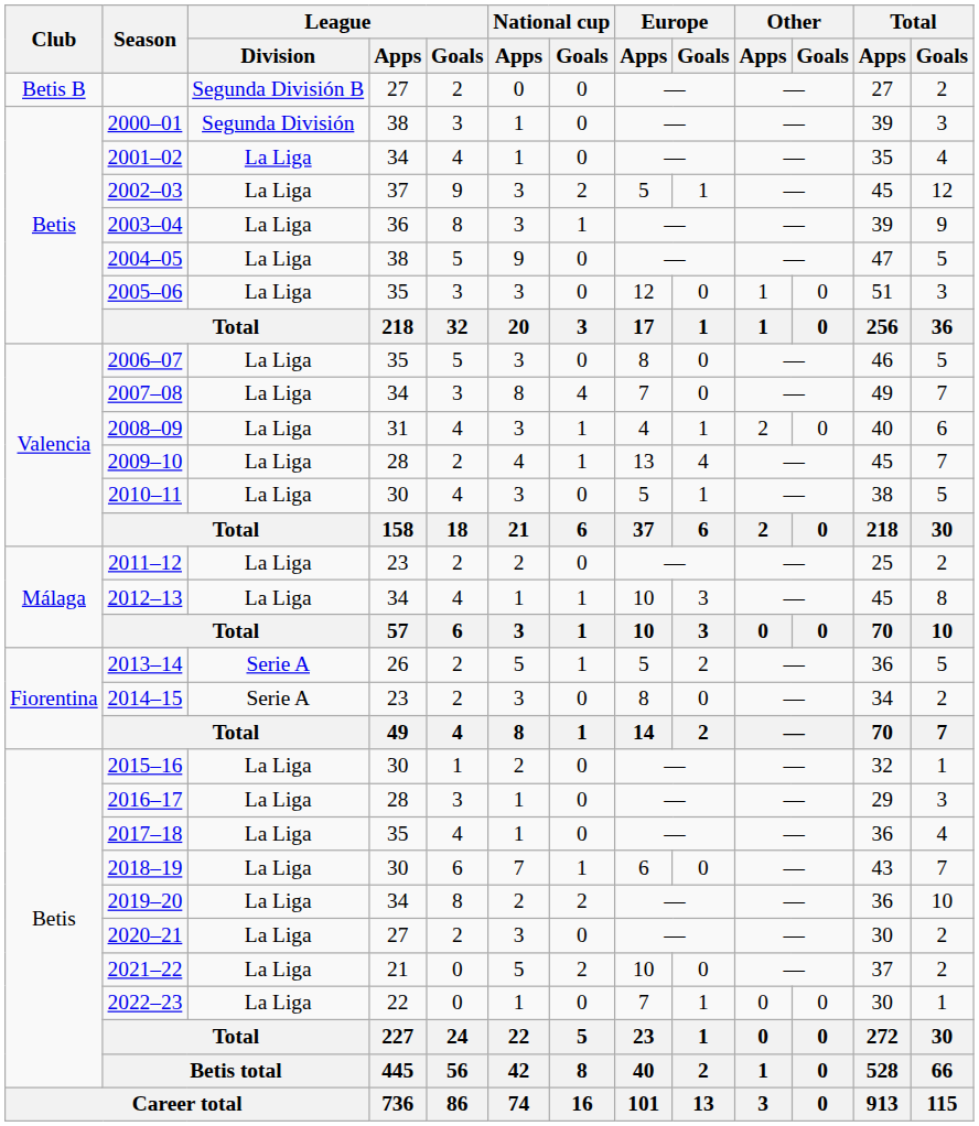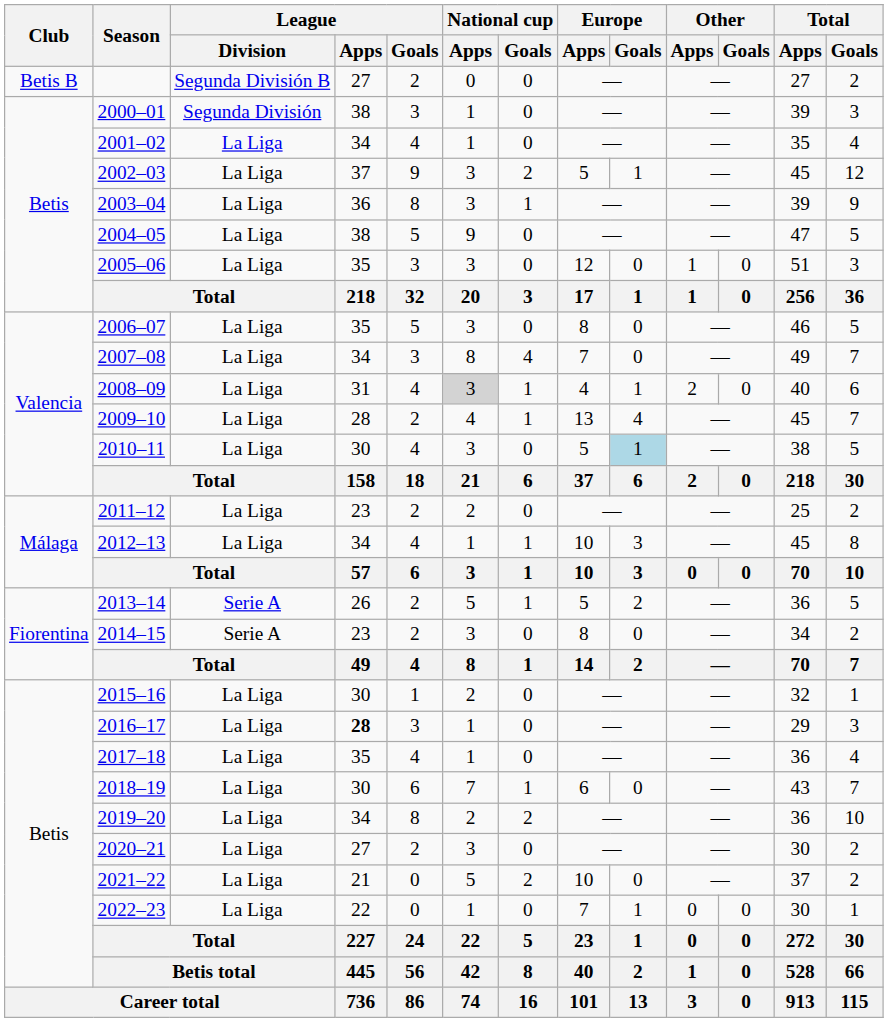 <table class="wikitable" style="text-align:center">
 <tr>
 <th rowspan="2">Club</th>
 <th rowspan="2">Season</th>
 <th colspan="3">League</th>
 <th colspan="2">National cup</th>
 <th colspan="2">Europe</th>
 <th colspan="2">Other</th>
 <th colspan="2">Total</th>
 </tr>
 <tr>
 <th>Division</th>
 <th>Apps</th>
 <th>Goals</th>
 <th>Apps</th>
 <th>Goals</th>
 <th>Apps</th>
 <th>Goals</th>
 <th>Apps</th>
 <th>Goals</th>
 <th>Apps</th>
 <th>Goals</th>
 </tr>
 <tr>
 <td><a href='#'>Betis B</a></td>
 <td></td>
 <td><a href='#'>Segunda División B</a></td>
 <td>27</td>
 <td>2</td>
 <td>0</td>
 <td>0</td>
 <td colspan="2">—</td>
 <td colspan="2">—</td>
 <td>27</td>
 <td>2</td>
 </tr>
 <tr>
 <td rowspan="7"><a href='#'>Betis</a></td>
 <td><a href='#'>2000–01</a></td>
 <td><a href='#'>Segunda División</a></td>
 <td>38</td>
 <td>3</td>
 <td>1</td>
 <td>0</td>
 <td colspan="2">—</td>
 <td colspan="2">—</td>
 <td>39</td>
 <td>3</td>
 </tr>
 <tr>
 <td><a href='#'>2001–02</a></td>
 <td><a href='#'>La Liga</a></td>
 <td>34</td>
 <td>4</td>
 <td>1</td>
 <td>0</td>
 <td colspan="2">—</td>
 <td colspan="2">—</td>
 <td>35</td>
 <td>4</td>
 </tr>
 <tr>
 <td><a href='#'>2002–03</a></td>
 <td>La Liga</td>
 <td>37</td>
 <td>9</td>
 <td>3</td>
 <td>2</td>
 <td>5</td>
 <td>1</td>
 <td colspan="2">—</td>
 <td>45</td>
 <td>12</td>
 </tr>
 <tr>
 <td><a href='#'>2003–04</a></td>
 <td>La Liga</td>
 <td>36</td>
 <td>8</td>
 <td>3</td>
 <td>1</td>
 <td colspan="2">—</td>
 <td colspan="2">—</td>
 <td>39</td>
 <td>9</td>
 </tr>
 <tr>
 <td><a href='#'>2004–05</a></td>
 <td>La Liga</td>
 <td>38</td>
 <td>5</td>
 <td>9</td>
 <td>0</td>
 <td colspan="2">—</td>
 <td colspan="2">—</td>
 <td>47</td>
 <td>5</td>
 </tr>
 <tr>
 <td><a href='#'>2005–06</a></td>
 <td>La Liga</td>
 <td>35</td>
 <td>3</td>
 <td>3</td>
 <td>0</td>
 <td>12</td>
 <td>0</td>
 <td>1</td>
 <td>0</td>
 <td>51</td>
 <td>3</td>
 </tr>
 <tr>
 <th colspan="2">Total</th>
 <th>218</th>
 <th>32</th>
 <th>20</th>
 <th>3</th>
 <th>17</th>
 <th>1</th>
 <th>1</th>
 <th>0</th>
 <th>256</th>
 <th>36</th>
 </tr>
 <tr>
 <td rowspan="6"><a href='#'>Valencia</a></td>
 <td><a href='#'>2006–07</a></td>
 <td>La Liga</td>
 <td>35</td>
 <td>5</td>
 <td>3</td>
 <td>0</td>
 <td>8</td>
 <td>0</td>
 <td colspan="2">—</td>
 <td>46</td>
 <td>5</td>
 </tr>
 <tr>
 <td><a href='#'>2007–08</a></td>
 <td>La Liga</td>
 <td>34</td>
 <td>3</td>
 <td>8</td>
 <td>4</td>
 <td>7</td>
 <td>0</td>
 <td colspan="2">—</td>
 <td>49</td>
 <td>7</td>
 </tr>
 <tr>
 <td><a href='#'>2008–09</a></td>
 <td>La Liga</td>
 <td>31</td>
 <td>4</td>
-<td>3</td>
+<td style="background: lightgrey;">3</td>
 <td>1</td>
 <td>4</td>
 <td>1</td>
 <td>2</td>
 <td>0</td>
 <td>40</td>
 <td>6</td>
 </tr>
 <tr>
 <td><a href='#'>2009–10</a></td>
 <td>La Liga</td>
 <td>28</td>
 <td>2</td>
 <td>4</td>
 <td>1</td>
 <td>13</td>
 <td>4</td>
 <td colspan="2">—</td>
 <td>45</td>
 <td>7</td>
 </tr>
 <tr>
 <td><a href='#'>2010–11</a></td>
 <td>La Liga</td>
 <td>30</td>
 <td>4</td>
 <td>3</td>
 <td>0</td>
 <td>5</td>
-<td>1</td>
+<td style="background: lightblue;">1</td>
 <td colspan="2">—</td>
 <td>38</td>
 <td>5</td>
 </tr>
 <tr>
 <th colspan="2">Total</th>
 <th>158</th>
 <th>18</th>
 <th>21</th>
 <th>6</th>
 <th>37</th>
 <th>6</th>
 <th>2</th>
 <th>0</th>
 <th>218</th>
 <th>30</th>
 </tr>
 <tr>
 <td rowspan="3"><a href='#'>Málaga</a></td>
 <td><a href='#'>2011–12</a></td>
 <td>La Liga</td>
 <td>23</td>
 <td>2</td>
 <td>2</td>
 <td>0</td>
 <td colspan="2">—</td>
 <td colspan="2">—</td>
 <td>25</td>
 <td>2</td>
 </tr>
 <tr>
 <td><a href='#'>2012–13</a></td>
 <td>La Liga</td>
 <td>34</td>
 <td>4</td>
 <td>1</td>
 <td>1</td>
 <td>10</td>
 <td>3</td>
 <td colspan="2">—</td>
 <td>45</td>
 <td>8</td>
 </tr>
 <tr>
 <th colspan="2">Total</th>
 <th>57</th>
 <th>6</th>
 <th>3</th>
 <th>1</th>
 <th>10</th>
 <th>3</th>
 <th>0</th>
 <th>0</th>
 <th>70</th>
 <th>10</th>
 </tr>
 <tr>
 <td rowspan="3"><a href='#'>Fiorentina</a></td>
 <td><a href='#'>2013–14</a></td>
 <td><a href='#'>Serie A</a></td>
 <td>26</td>
 <td>2</td>
 <td>5</td>
 <td>1</td>
 <td>5</td>
 <td>2</td>
 <td colspan="2">—</td>
 <td>36</td>
 <td>5</td>
 </tr>
 <tr>
 <td><a href='#'>2014–15</a></td>
 <td>Serie A</td>
 <td>23</td>
 <td>2</td>
 <td>3</td>
 <td>0</td>
 <td>8</td>
 <td>0</td>
 <td colspan="2">—</td>
 <td>34</td>
 <td>2</td>
 </tr>
 <tr>
 <th colspan="2">Total</th>
 <th>49</th>
 <th>4</th>
 <th>8</th>
 <th>1</th>
 <th>14</th>
 <th>2</th>
 <th colspan="2">—</th>
 <th>70</th>
 <th>7</th>
 </tr>
 <tr>
 <td rowspan="10">Betis</td>
 <td><a href='#'>2015–16</a></td>
 <td>La Liga</td>
 <td>30</td>
 <td>1</td>
 <td>2</td>
 <td>0</td>
 <td colspan="2">—</td>
 <td colspan="2">—</td>
 <td>32</td>
 <td>1</td>
 </tr>
 <tr>
 <td><a href='#'>2016–17</a></td>
 <td>La Liga</td>
-<td>28</td>
+<td><strong>28</strong></td>
 <td>3</td>
 <td>1</td>
 <td>0</td>
 <td colspan="2">—</td>
 <td colspan="2">—</td>
 <td>29</td>
 <td>3</td>
 </tr>
 <tr>
 <td><a href='#'>2017–18</a></td>
 <td>La Liga</td>
 <td>35</td>
 <td>4</td>
 <td>1</td>
 <td>0</td>
 <td colspan="2">—</td>
 <td colspan="2">—</td>
 <td>36</td>
 <td>4</td>
 </tr>
 <tr>
 <td><a href='#'>2018–19</a></td>
 <td>La Liga</td>
 <td>30</td>
 <td>6</td>
 <td>7</td>
 <td>1</td>
 <td>6</td>
 <td>0</td>
 <td colspan="2">—</td>
 <td>43</td>
 <td>7</td>
 </tr>
 <tr>
 <td><a href='#'>2019–20</a></td>
 <td>La Liga</td>
 <td>34</td>
 <td>8</td>
 <td>2</td>
 <td>2</td>
 <td colspan="2">—</td>
 <td colspan="2">—</td>
 <td>36</td>
 <td>10</td>
 </tr>
 <tr>
 <td><a href='#'>2020–21</a></td>
 <td>La Liga</td>
 <td>27</td>
 <td>2</td>
 <td>3</td>
 <td>0</td>
 <td colspan="2">—</td>
 <td colspan="2">—</td>
 <td>30</td>
 <td>2</td>
 </tr>
 <tr>
 <td><a href='#'>2021–22</a></td>
 <td>La Liga</td>
 <td>21</td>
 <td>0</td>
 <td>5</td>
 <td>2</td>
 <td>10</td>
 <td>0</td>
 <td colspan="2">—</td>
 <td>37</td>
 <td>2</td>
 </tr>
 <tr>
 <td><a href='#'>2022–23</a></td>
 <td>La Liga</td>
 <td>22</td>
 <td>0</td>
 <td>1</td>
 <td>0</td>
 <td>7</td>
 <td>1</td>
 <td>0</td>
 <td>0</td>
 <td>30</td>
 <td>1</td>
 </tr>
 <tr>
 <th colspan="2">Total</th>
 <th>227</th>
 <th>24</th>
 <th>22</th>
 <th>5</th>
 <th>23</th>
 <th>1</th>
 <th>0</th>
 <th>0</th>
 <th>272</th>
 <th>30</th>
 </tr>
 <tr>
 <th colspan="2">Betis total</th>
 <th>445</th>
 <th>56</th>
 <th>42</th>
 <th>8</th>
 <th>40</th>
 <th>2</th>
 <th>1</th>
 <th>0</th>
 <th>528</th>
 <th>66</th>
 </tr>
 <tr>
 <th colspan="3">Career total</th>
 <th>736</th>
 <th>86</th>
 <th>74</th>
 <th>16</th>
 <th>101</th>
 <th>13</th>
 <th>3</th>
 <th>0</th>
 <th>913</th>
 <th>115</th>
 </tr>
 </table>
